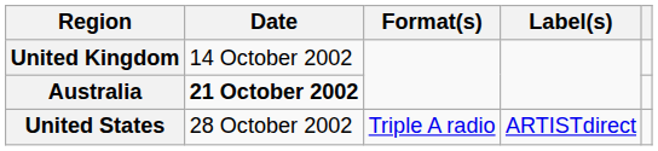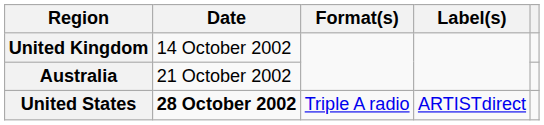 <table class="wikitable plainrowheaders">
 <tr>
 <th scope="col">Region</th>
 <th scope="col">Date</th>
 <th scope="col">Format(s)</th>
 <th scope="col">Label(s)</th>
 <th scope="col"></th>
 </tr>
 <tr>
 <th scope="row">United Kingdom</th>
 <td>14 October 2002</td>
 <td rowspan="2"></td>
 <td rowspan="2"></td>
 <td align="center"></td>
 </tr>
 <tr>
 <th scope="row">Australia</th>
-<td><strong>21 October 2002</strong></td>
+<td>21 October 2002</td>
 <td align="center"></td>
 </tr>
 <tr>
 <th scope="row">United States</th>
-<td>28 October 2002</td>
+<td><strong>28 October 2002</strong></td>
 <td><a href='#'>Triple A radio</a></td>
 <td><a href='#'>ARTISTdirect</a></td>
 <td align="center"></td>
 </tr>
 </table>
